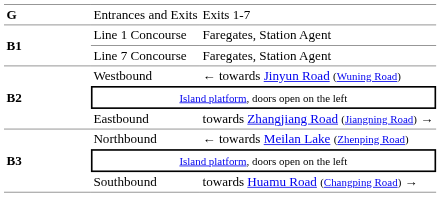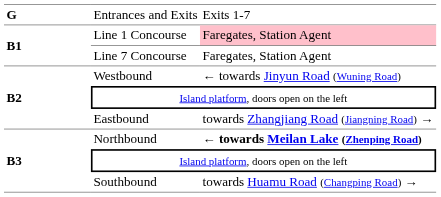 <table cellspacing=0 cellpadding=3>
 <tr>
 <td style="border-top:solid 1px gray;border-bottom:solid 1px gray;" width=100><strong>G</strong></td>
 <td style="border-top:solid 1px gray;border-bottom:solid 1px gray;">Entrances and Exits</td>
 <td style="border-top:solid 1px gray;border-bottom:solid 1px gray;">Exits 1-7</td>
 </tr>
 <tr>
 <td style="border-bottom:solid 1px gray;" rowspan=2><strong>B1</strong></td>
 <td style="border-bottom:solid 1px gray;">Line 1 Concourse</td>
-<td style="border-bottom:solid 1px gray;">Faregates, Station Agent</td>
+<td style="background: pink; border-bottom:solid 1px gray;">Faregates, Station Agent</td>
 </tr>
 <tr>
 <td style="border-bottom:solid 1px gray;">Line 7 Concourse</td>
 <td style="border-bottom:solid 1px gray;">Faregates, Station Agent</td>
 </tr>
 <tr>
 <td style="border-bottom:solid 1px gray;" rowspan=3><strong>B2</strong></td>
 <td>Westbound</td>
 <td>←  towards <a href='#'>Jinyun Road</a> <small>(<a href='#'>Wuning Road</a>)</small></td>
 </tr>
 <tr>
 <td style="border-right:solid 2px black;border-left:solid 2px black;border-top:solid 2px black;border-bottom:solid 2px black;text-align:center;" colspan=2><small><a href='#'>Island platform</a>, doors open on the left</small></td>
 </tr>
 <tr>
 <td style="border-bottom:solid 1px gray;">Eastbound</td>
 <td style="border-bottom:solid 1px gray;">  towards <a href='#'>Zhangjiang Road</a> <small>(<a href='#'>Jiangning Road</a>)</small> →</td>
 </tr>
 <tr>
 <td style="border-bottom:solid 1px gray;" rowspan=3><strong>B3</strong></td>
 <td>Northbound</td>
-<td>←  towards <a href='#'>Meilan Lake</a> <small>(<a href='#'>Zhenping Road</a>)</small></td>
+<td><strong>←  towards <a href='#'>Meilan Lake</a> <small>(<a href='#'>Zhenping Road</a>)</small></strong></td>
 </tr>
 <tr>
 <td style="border-right:solid 2px black;border-left:solid 2px black;border-top:solid 2px black;border-bottom:solid 2px black;text-align:center;" colspan=2><small><a href='#'>Island platform</a>, doors open on the left</small></td>
 </tr>
 <tr>
 <td style="border-bottom:solid 1px gray;">Southbound</td>
 <td style="border-bottom:solid 1px gray;">  towards <a href='#'>Huamu Road</a> <small>(<a href='#'>Changping Road</a>)</small> →</td>
 </tr>
 </table>
